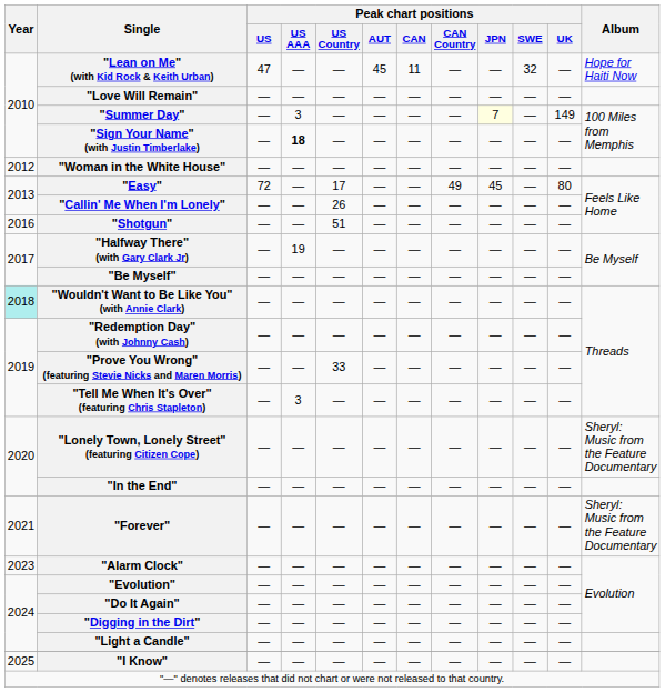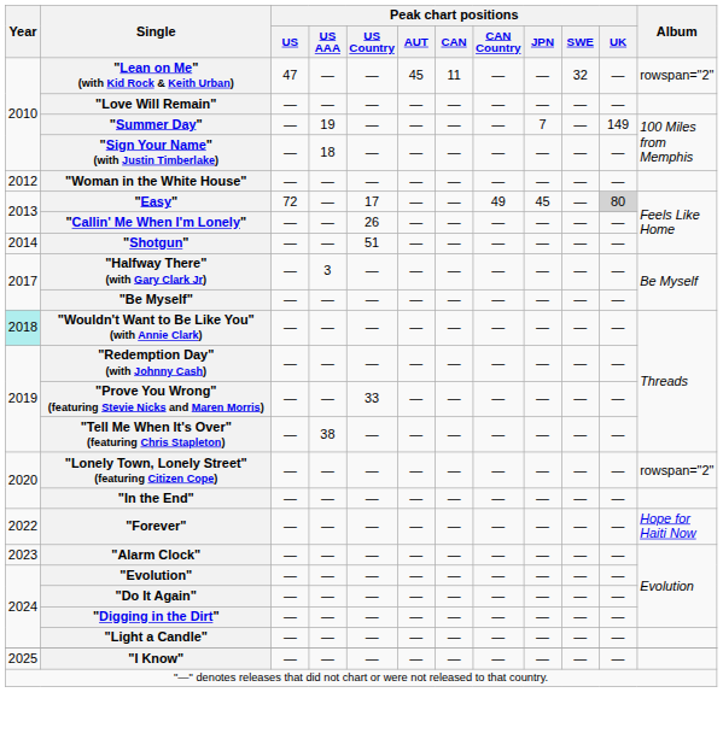 <table class="wikitable plainrowheaders" style="text-align:center;">
 <tr>
 <th rowspan="2">Year</th>
 <th rowspan="2" style="width:18em;">Single</th>
 <th colspan="9">Peak chart positions</th>
 <th rowspan="2">Album</th>
 </tr>
 <tr style="font-size:90%;">
 <th style="width:40px;"><a href='#'>US</a><br></th>
 <th style="width:40px;"><a href='#'>US<br>AAA</a><br></th>
 <th style="width:40px;"><a href='#'>US Country</a><br></th>
 <th style="width:40px;"><a href='#'>AUT</a><br></th>
 <th style="width:40px;"><a href='#'>CAN</a><br></th>
 <th style="width:40px;"><a href='#'>CAN Country</a><br></th>
 <th style="width:40px;"><a href='#'>JPN</a><br></th>
 <th style="width:40px;"><a href='#'>SWE</a><br></th>
 <th style="width:40px;"><a href='#'>UK</a><br></th>
 </tr>
 <tr>
 <td rowspan="4">2010</td>
 <th scope="row">"<a href='#'>Lean on Me</a>"<br> <small>(with <a href='#'>Kid Rock</a> & <a href='#'>Keith Urban</a>)</small></th>
 <td>47</td>
 <td>—</td>
 <td>—</td>
 <td>45</td>
 <td>11</td>
 <td>—</td>
 <td>—</td>
 <td>32</td>
 <td>—</td>
-<td style="text-align:left;"><em><a href='#'>Hope for Haiti Now</a></em></td>
+<td>rowspan="2" </td>
 </tr>
 <tr>
 <th scope="row">"Love Will Remain"</th>
 <td>—</td>
 <td>—</td>
 <td>—</td>
 <td>—</td>
 <td>—</td>
 <td>—</td>
 <td>—</td>
 <td>—</td>
 <td>—</td>
 <td></td>
 </tr>
 <tr>
 <th scope="row">"<a href='#'>Summer Day</a>"</th>
 <td>—</td>
-<td>3</td>
+<td>19</td>
 <td>—</td>
 <td>—</td>
 <td>—</td>
 <td>—</td>
-<td style="background: lightyellow;">7</td>
+<td>7</td>
 <td>—</td>
 <td>149</td>
 <td style="text-align:left;" rowspan="2"><em>100 Miles from Memphis</em></td>
 </tr>
 <tr>
 <th scope="row">"<a href='#'>Sign Your Name</a>"<br> <small>(with <a href='#'>Justin Timberlake</a>)</small></th>
 <td>—</td>
-<td><strong>18</strong></td>
+<td>18</td>
 <td>—</td>
 <td>—</td>
 <td>—</td>
 <td>—</td>
 <td>—</td>
 <td>—</td>
 <td>—</td>
 </tr>
 <tr>
 <td>2012</td>
 <th scope="row">"Woman in the White House"</th>
 <td>—</td>
 <td>—</td>
 <td>—</td>
 <td>—</td>
 <td>—</td>
 <td>—</td>
 <td>—</td>
 <td>—</td>
 <td>—</td>
 <td></td>
 </tr>
 <tr>
 <td rowspan="2">2013</td>
 <th scope="row">"<a href='#'>Easy</a>"</th>
 <td>72</td>
 <td>—</td>
 <td>17</td>
 <td>—</td>
 <td>—</td>
 <td>49</td>
 <td>45</td>
 <td>—</td>
-<td>80</td>
+<td style="background: lightgrey;">80</td>
 <td style="text-align:left;" rowspan="3"><em>Feels Like Home</em></td>
 </tr>
 <tr>
 <th scope="row">"<a href='#'>Callin' Me When I'm Lonely</a>"</th>
 <td>—</td>
 <td>—</td>
 <td>26</td>
 <td>—</td>
 <td>—</td>
 <td>—</td>
 <td>—</td>
 <td>—</td>
 <td>—</td>
 </tr>
 <tr>
-<td>2016</td>
+<td>2014</td>
 <th scope="row">"<a href='#'>Shotgun</a>"</th>
 <td>—</td>
 <td>—</td>
 <td>51</td>
 <td>—</td>
 <td>—</td>
 <td>—</td>
 <td>—</td>
 <td>—</td>
 <td>—</td>
 </tr>
 <tr>
 <td rowspan="2">2017</td>
 <th scope="row">"Halfway There"<br> <small>(with <a href='#'>Gary Clark Jr</a>)</small></th>
 <td>—</td>
-<td>19</td>
+<td>3</td>
 <td>—</td>
 <td>—</td>
 <td>—</td>
 <td>—</td>
 <td>—</td>
 <td>—</td>
 <td>—</td>
 <td style="text-align:left;" rowspan="2"><em>Be Myself</em></td>
 </tr>
 <tr>
 <th scope="row">"Be Myself"</th>
 <td>—</td>
 <td>—</td>
 <td>—</td>
 <td>—</td>
 <td>—</td>
 <td>—</td>
 <td>—</td>
 <td>—</td>
 <td>—</td>
 </tr>
 <tr>
 <td style="background: paleturquoise;">2018</td>
 <th scope="row">"Wouldn't Want to Be Like You"<br> <small>(with <a href='#'>Annie Clark</a>)</small></th>
 <td>—</td>
 <td>—</td>
 <td>—</td>
 <td>—</td>
 <td>—</td>
 <td>—</td>
 <td>—</td>
 <td>—</td>
 <td>—</td>
 <td style="text-align:left;" rowspan="4"><em>Threads</em></td>
 </tr>
 <tr>
 <td rowspan="3">2019</td>
 <th scope="row">"Redemption Day"<br> <small>(with <a href='#'>Johnny Cash</a>)</small></th>
 <td>—</td>
 <td>—</td>
 <td>—</td>
 <td>—</td>
 <td>—</td>
 <td>—</td>
 <td>—</td>
 <td>—</td>
 <td>—</td>
 </tr>
 <tr>
 <th scope="row">"Prove You Wrong"<br> <small>(featuring <a href='#'>Stevie Nicks</a> and <a href='#'>Maren Morris</a>)</small></th>
 <td>—</td>
 <td>—</td>
 <td>33</td>
 <td>—</td>
 <td>—</td>
 <td>—</td>
 <td>—</td>
 <td>—</td>
 <td>—</td>
 </tr>
 <tr>
 <th scope="row">"Tell Me When It's Over"<br> <small>(featuring <a href='#'>Chris Stapleton</a>)</small></th>
 <td>—</td>
-<td>3</td>
+<td>38</td>
 <td>—</td>
 <td>—</td>
 <td>—</td>
 <td>—</td>
 <td>—</td>
 <td>—</td>
 <td>—</td>
 </tr>
 <tr>
 <td rowspan="2">2020</td>
 <th scope="row">"Lonely Town, Lonely Street"<br> <small>(featuring <a href='#'>Citizen Cope</a>)</small></th>
 <td>—</td>
 <td>—</td>
 <td>—</td>
 <td>—</td>
 <td>—</td>
 <td>—</td>
 <td>—</td>
 <td>—</td>
 <td>—</td>
-<td style="text-align:left;"><em>Sheryl: Music from the Feature Documentary</em></td>
+<td>rowspan="2" </td>
 </tr>
 <tr>
 <th scope="row">"In the End"</th>
 <td>—</td>
 <td>—</td>
 <td>—</td>
 <td>—</td>
 <td>—</td>
 <td>—</td>
 <td>—</td>
 <td>—</td>
 <td>—</td>
 </tr>
 <tr>
-<td>2021</td>
+<td>2022</td>
 <th scope="row">"Forever"</th>
 <td>—</td>
 <td>—</td>
 <td>—</td>
 <td>—</td>
 <td>—</td>
 <td>—</td>
 <td>—</td>
 <td>—</td>
 <td>—</td>
-<td style="text-align:left;"><em>Sheryl: Music from the Feature Documentary</em></td>
+<td style="text-align:left;"><em><a href='#'>Hope for Haiti Now</a></em></td>
 </tr>
 <tr>
 <td>2023</td>
 <th scope="row">"Alarm Clock"</th>
 <td>—</td>
 <td>—</td>
 <td>—</td>
 <td>—</td>
 <td>—</td>
 <td>—</td>
 <td>—</td>
 <td>—</td>
 <td>—</td>
 <td style="text-align:left;" rowspan="4"><em>Evolution</em></td>
 </tr>
 <tr>
 <td rowspan="4">2024</td>
 <th scope="row">"Evolution"</th>
 <td>—</td>
 <td>—</td>
 <td>—</td>
 <td>—</td>
 <td>—</td>
 <td>—</td>
 <td>—</td>
 <td>—</td>
 <td>—</td>
 </tr>
 <tr>
 <th scope="row">"Do It Again"</th>
 <td>—</td>
 <td>—</td>
 <td>—</td>
 <td>—</td>
 <td>—</td>
 <td>—</td>
 <td>—</td>
 <td>—</td>
 <td>—</td>
 </tr>
 <tr>
 <th scope="row">"<a href='#'>Digging in the Dirt</a>"<br> </th>
 <td>—</td>
 <td>—</td>
 <td>—</td>
 <td>—</td>
 <td>—</td>
 <td>—</td>
 <td>—</td>
 <td>—</td>
 <td>—</td>
 </tr>
 <tr>
 <th scope="row">"Light a Candle"</th>
 <td>—</td>
 <td>—</td>
 <td>—</td>
 <td>—</td>
 <td>—</td>
 <td>—</td>
 <td>—</td>
 <td>—</td>
 <td>—</td>
 <td></td>
 </tr>
 <tr>
 </tr>
 <tr>
 <td>2025</td>
 <th scope="row">"I Know"</th>
 <td>—</td>
 <td>—</td>
 <td>—</td>
 <td>—</td>
 <td>—</td>
 <td>—</td>
 <td>—</td>
 <td>—</td>
 <td>—</td>
 <td></td>
 </tr>
 <tr>
 <td colspan="13" style="font-size:85%">"—" denotes releases that did not chart or were not released to that country.</td>
 </tr>
 </table>
